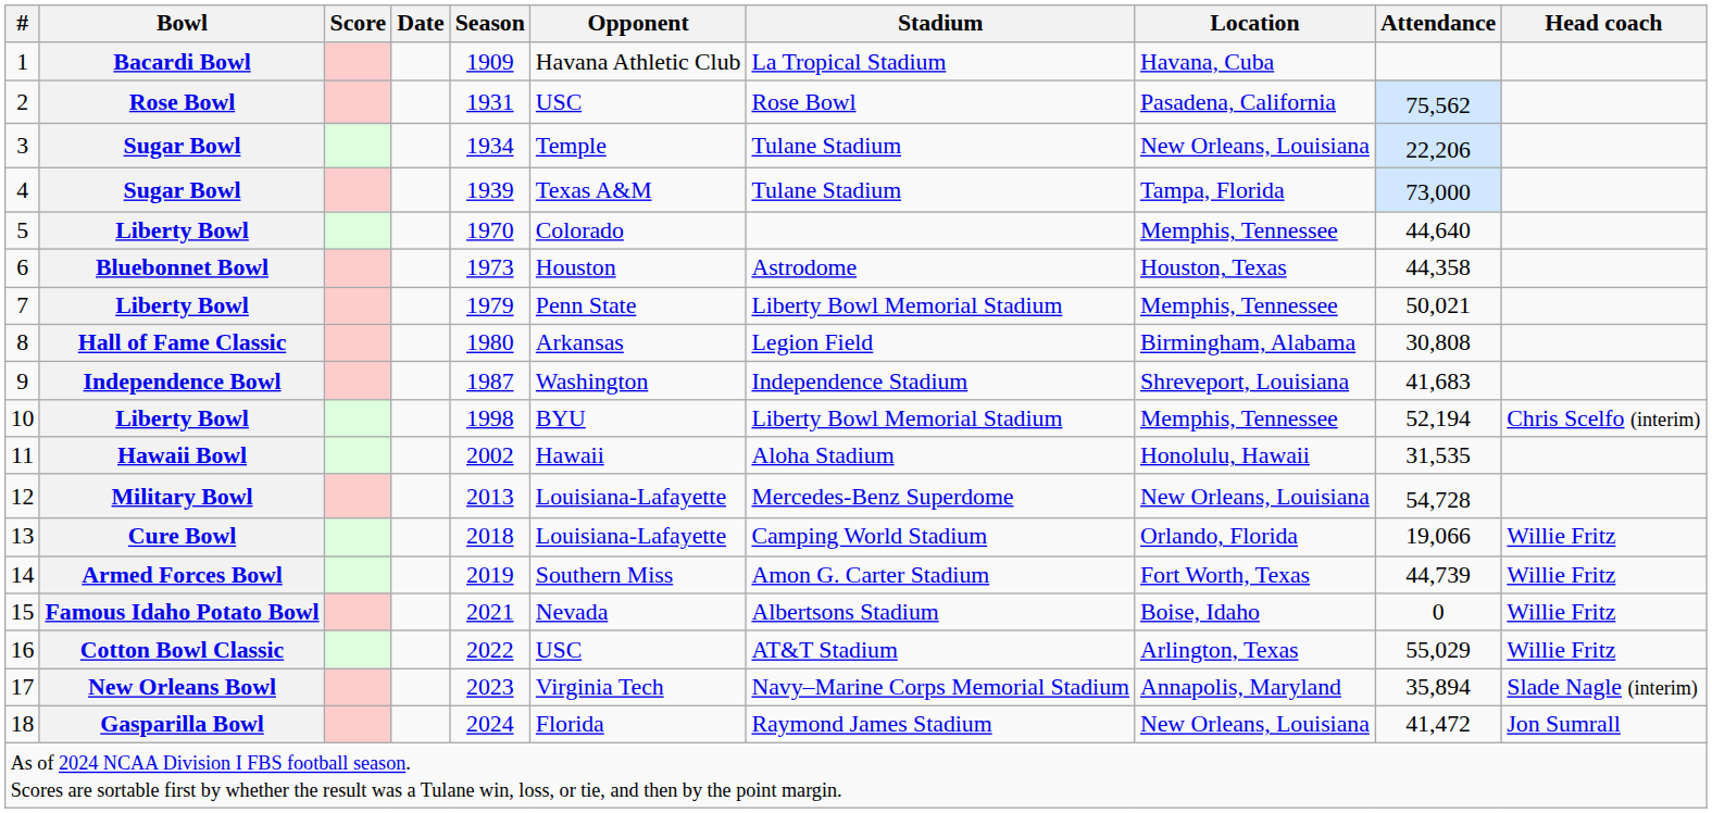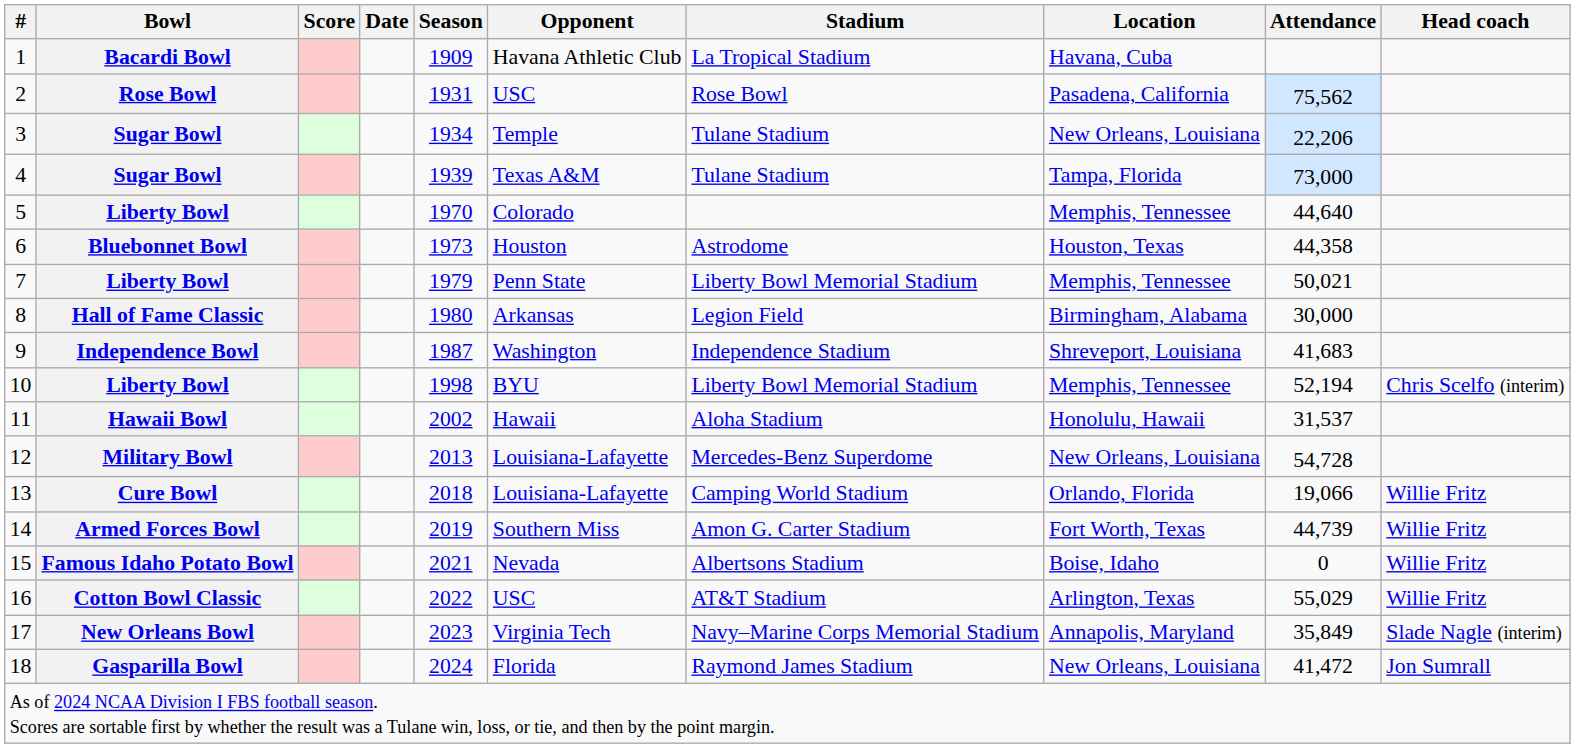 <table class="wikitable sortable">
 <tr>
 <th scope="col">#</th>
 <th scope="col">Bowl</th>
 <th scope="col">Score</th>
 <th scope="col">Date</th>
 <th scope="col">Season</th>
 <th scope="col">Opponent</th>
 <th scope="col">Stadium</th>
 <th scope="col">Location</th>
 <th scope="col">Attendance</th>
 <th scope="col">Head coach</th>
 </tr>
 <tr>
 <td align="center">1</td>
 <th scope="row"><a href='#'>Bacardi Bowl</a></th>
 <td style="background:#fcc;"></td>
 <td></td>
 <td align="center"><a href='#'>1909</a></td>
 <td>Havana Athletic Club</td>
 <td><a href='#'>La Tropical Stadium</a></td>
 <td><a href='#'>Havana, Cuba</a></td>
 <td align="center"></td>
 <td></td>
 </tr>
 <tr>
 <td align="center">2</td>
 <th scope="row"><a href='#'>Rose Bowl</a></th>
 <td style="background:#fcc;"></td>
 <td></td>
 <td align="center"><a href='#'>1931</a></td>
 <td><a href='#'>USC</a></td>
 <td><a href='#'>Rose Bowl</a></td>
 <td><a href='#'>Pasadena, California</a></td>
 <td align="center" style="background:#d0e7ff;">75,562<sup></sup></td>
 <td></td>
 </tr>
 <tr>
 <td align="center">3</td>
 <th scope="row"><a href='#'>Sugar Bowl</a></th>
 <td style="background:#dfd;"></td>
 <td></td>
 <td align="center"><a href='#'>1934</a></td>
 <td><a href='#'>Temple</a></td>
 <td><a href='#'>Tulane Stadium</a></td>
 <td><a href='#'>New Orleans, Louisiana</a></td>
 <td align="center" style="background:#d0e7ff;">22,206<sup></sup></td>
 <td></td>
 </tr>
 <tr>
 <td align="center">4</td>
 <th scope="row"><a href='#'>Sugar Bowl</a></th>
 <td style="background:#fcc;"></td>
 <td></td>
 <td align="center"><a href='#'>1939</a></td>
 <td><a href='#'>Texas A&M</a></td>
 <td><a href='#'>Tulane Stadium</a></td>
 <td><a href='#'>Tampa, Florida</a></td>
 <td align="center" style="background:#d0e7ff;">73,000<sup></sup></td>
 <td></td>
 </tr>
 <tr>
 <td align="center">5</td>
 <th scope="row"><a href='#'>Liberty Bowl</a></th>
 <td style="background:#dfd;"></td>
 <td></td>
 <td align="center"><a href='#'>1970</a></td>
 <td><a href='#'>Colorado</a></td>
 <td></td>
 <td><a href='#'>Memphis, Tennessee</a></td>
 <td align="center">44,640</td>
 <td></td>
 </tr>
 <tr>
 <td align="center">6</td>
 <th scope="row"><a href='#'>Bluebonnet Bowl</a></th>
 <td style="background:#fcc;"></td>
 <td></td>
 <td align="center"><a href='#'>1973</a></td>
 <td><a href='#'>Houston</a></td>
 <td><a href='#'>Astrodome</a></td>
 <td><a href='#'>Houston, Texas</a></td>
 <td align="center">44,358</td>
 <td></td>
 </tr>
 <tr>
 <td align="center">7</td>
 <th scope="row"><a href='#'>Liberty Bowl</a></th>
 <td style="background:#fcc;"></td>
 <td></td>
 <td align="center"><a href='#'>1979</a></td>
 <td><a href='#'>Penn State</a></td>
 <td><a href='#'>Liberty Bowl Memorial Stadium</a></td>
 <td><a href='#'>Memphis, Tennessee</a></td>
 <td align="center">50,021</td>
 <td></td>
 </tr>
 <tr>
 <td align="center">8</td>
 <th scope="row"><a href='#'>Hall of Fame Classic</a></th>
 <td style="background:#fcc;"></td>
 <td></td>
 <td align="center"><a href='#'>1980</a></td>
 <td><a href='#'>Arkansas</a></td>
 <td><a href='#'>Legion Field</a></td>
 <td><a href='#'>Birmingham, Alabama</a></td>
-<td align="center">30,808</td>
+<td align="center">30,000</td>
 <td></td>
 </tr>
 <tr>
 <td align="center">9</td>
 <th scope="row"><a href='#'>Independence Bowl</a></th>
 <td style="background:#fcc;"></td>
 <td></td>
 <td align="center"><a href='#'>1987</a></td>
 <td><a href='#'>Washington</a></td>
 <td><a href='#'>Independence Stadium</a></td>
 <td><a href='#'>Shreveport, Louisiana</a></td>
 <td align="center">41,683</td>
 <td></td>
 </tr>
 <tr>
 <td align="center">10</td>
 <th scope="row"><a href='#'>Liberty Bowl</a></th>
 <td style="background:#dfd;"></td>
 <td></td>
 <td align="center"><a href='#'>1998</a></td>
 <td><a href='#'>BYU</a></td>
 <td><a href='#'>Liberty Bowl Memorial Stadium</a></td>
 <td><a href='#'>Memphis, Tennessee</a></td>
 <td align="center">52,194</td>
 <td><a href='#'>Chris Scelfo</a> <small>(interim)</small></td>
 </tr>
 <tr>
 <td align="center">11</td>
 <th scope="row"><a href='#'>Hawaii Bowl</a></th>
 <td style="background:#dfd;"></td>
 <td></td>
 <td align="center"><a href='#'>2002</a></td>
 <td><a href='#'>Hawaii</a></td>
 <td><a href='#'>Aloha Stadium</a></td>
 <td><a href='#'>Honolulu, Hawaii</a></td>
-<td align="center">31,535</td>
+<td align="center">31,537</td>
 <td></td>
 </tr>
 <tr>
 <td Align="center">12</td>
 <th scope="row"><a href='#'>Military Bowl</a></th>
 <td style="background:#fcc;"></td>
 <td></td>
 <td align="center"><a href='#'>2013</a></td>
 <td><a href='#'>Louisiana-Lafayette</a></td>
 <td><a href='#'>Mercedes-Benz Superdome</a></td>
 <td><a href='#'>New Orleans, Louisiana</a></td>
 <td align="center">54,728<sup></sup></td>
 <td></td>
 </tr>
 <tr>
 <td Align="center">13</td>
 <th scope="row"><a href='#'>Cure Bowl</a></th>
 <td style="background:#dfd;"></td>
 <td></td>
 <td align="center"><a href='#'>2018</a></td>
 <td><a href='#'>Louisiana-Lafayette</a></td>
 <td><a href='#'>Camping World Stadium</a></td>
 <td><a href='#'>Orlando, Florida</a></td>
 <td align="center">19,066</td>
 <td><a href='#'>Willie Fritz</a></td>
 </tr>
 <tr>
 <td Align="center">14</td>
 <th scope="row"><a href='#'>Armed Forces Bowl</a></th>
 <td style="background:#dfd;"></td>
 <td></td>
 <td align="center"><a href='#'>2019</a></td>
 <td><a href='#'>Southern Miss</a></td>
 <td><a href='#'>Amon G. Carter Stadium</a></td>
 <td><a href='#'>Fort Worth, Texas</a></td>
 <td align="center">44,739</td>
 <td><a href='#'>Willie Fritz</a></td>
 </tr>
 <tr>
 <td Align="center">15</td>
 <th scope="row"><a href='#'>Famous Idaho Potato Bowl</a></th>
 <td style="background:#fcc;"></td>
 <td></td>
 <td align="center"><a href='#'>2021</a></td>
 <td><a href='#'>Nevada</a></td>
 <td><a href='#'>Albertsons Stadium</a></td>
 <td><a href='#'>Boise, Idaho</a></td>
 <td align="center">0</td>
 <td><a href='#'>Willie Fritz</a></td>
 </tr>
 <tr>
 <td Align="center">16</td>
 <th scope="row"><a href='#'>Cotton Bowl Classic</a></th>
 <td style="background:#dfd"></td>
 <td></td>
 <td align="center"><a href='#'>2022</a></td>
 <td><a href='#'>USC</a></td>
 <td><a href='#'>AT&T Stadium</a></td>
 <td><a href='#'>Arlington, Texas</a></td>
 <td align="center">55,029</td>
 <td><a href='#'>Willie Fritz</a></td>
 </tr>
 <tr>
 <td Align="center">17</td>
 <th scope="row"><a href='#'>New Orleans Bowl</a></th>
 <td style="background:#fcc;"></td>
 <td></td>
 <td align="center"><a href='#'>2023</a></td>
 <td><a href='#'>Virginia Tech</a></td>
 <td><a href='#'>Navy–Marine Corps Memorial Stadium</a></td>
 <td><a href='#'>Annapolis, Maryland</a></td>
-<td align="center">35,894</td>
+<td align="center">35,849</td>
 <td><a href='#'>Slade Nagle</a> <small>(interim)</small></td>
 </tr>
 <tr>
 <td Align="center">18</td>
 <th scope="row"><a href='#'>Gasparilla Bowl</a></th>
 <td style="background:#fcc;"></td>
 <td></td>
 <td align="center"><a href='#'>2024</a></td>
 <td><a href='#'>Florida</a></td>
 <td><a href='#'>Raymond James Stadium</a></td>
 <td><a href='#'>New Orleans, Louisiana</a></td>
 <td align="center">41,472</td>
 <td><a href='#'>Jon Sumrall</a></td>
 </tr>
 <tr class="sortbottom">
 <td colspan="10"><small>As of <a href='#'>2024 NCAA Division I FBS football season</a>.<br>Scores are sortable first by whether the result was a Tulane win, loss, or tie, and then by the point margin.</small></td>
 </tr>
 </table>
